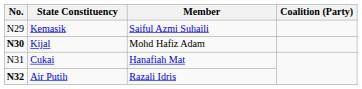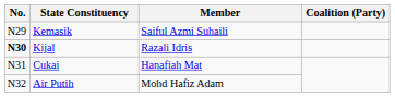 <table class="wikitable">
 <tr>
 <th width="30">No.</th>
 <th width="150">State Constituency</th>
 <th width="230">Member</th>
 <th width="120">Coalition (Party)</th>
 </tr>
 <tr>
 <td>N29</td>
 <td><a href='#'>Kemasik</a></td>
 <td><a href='#'>Saiful Azmi Suhaili</a></td>
 <td></td>
 </tr>
 <tr>
 <td><strong>N30</strong></td>
 <td><a href='#'>Kijal</a></td>
-<td>Mohd Hafiz Adam</td>
+<td><a href='#'>Razali Idris</a></td>
 <td></td>
 </tr>
 <tr>
 <td>N31</td>
 <td><a href='#'>Cukai</a></td>
 <td><a href='#'>Hanafiah Mat</a></td>
 <td rowspan=2></td>
 </tr>
 <tr>
-<td><strong>N32</strong></td>
+<td>N32</td>
 <td><a href='#'>Air Putih</a></td>
-<td><a href='#'>Razali Idris</a></td>
+<td>Mohd Hafiz Adam</td>
 </tr>
 </table>
